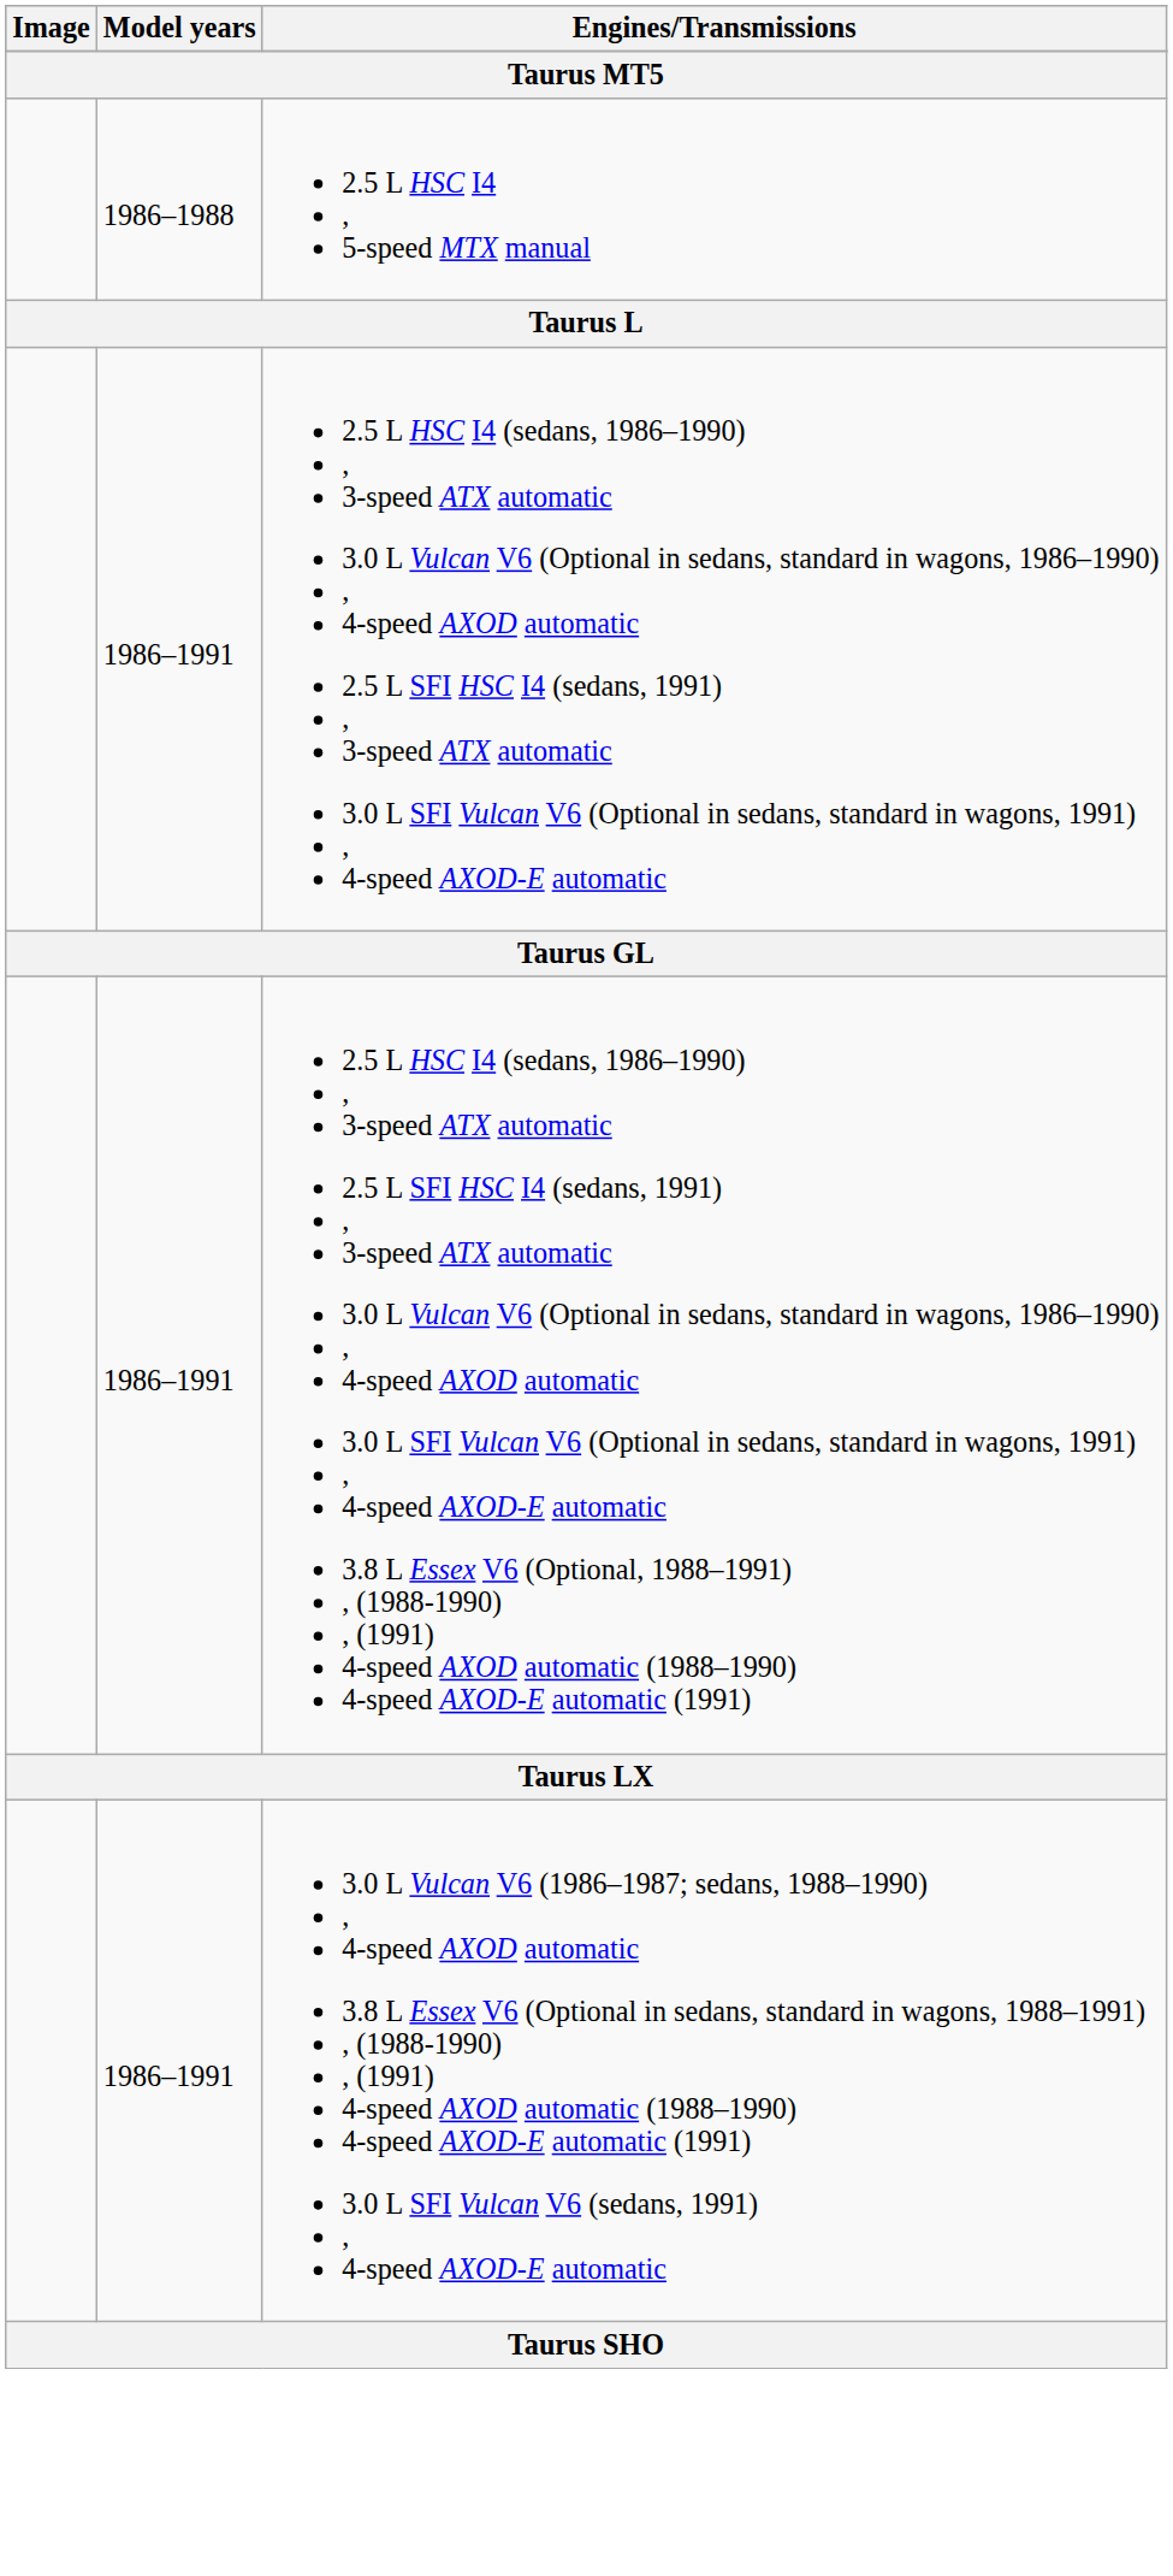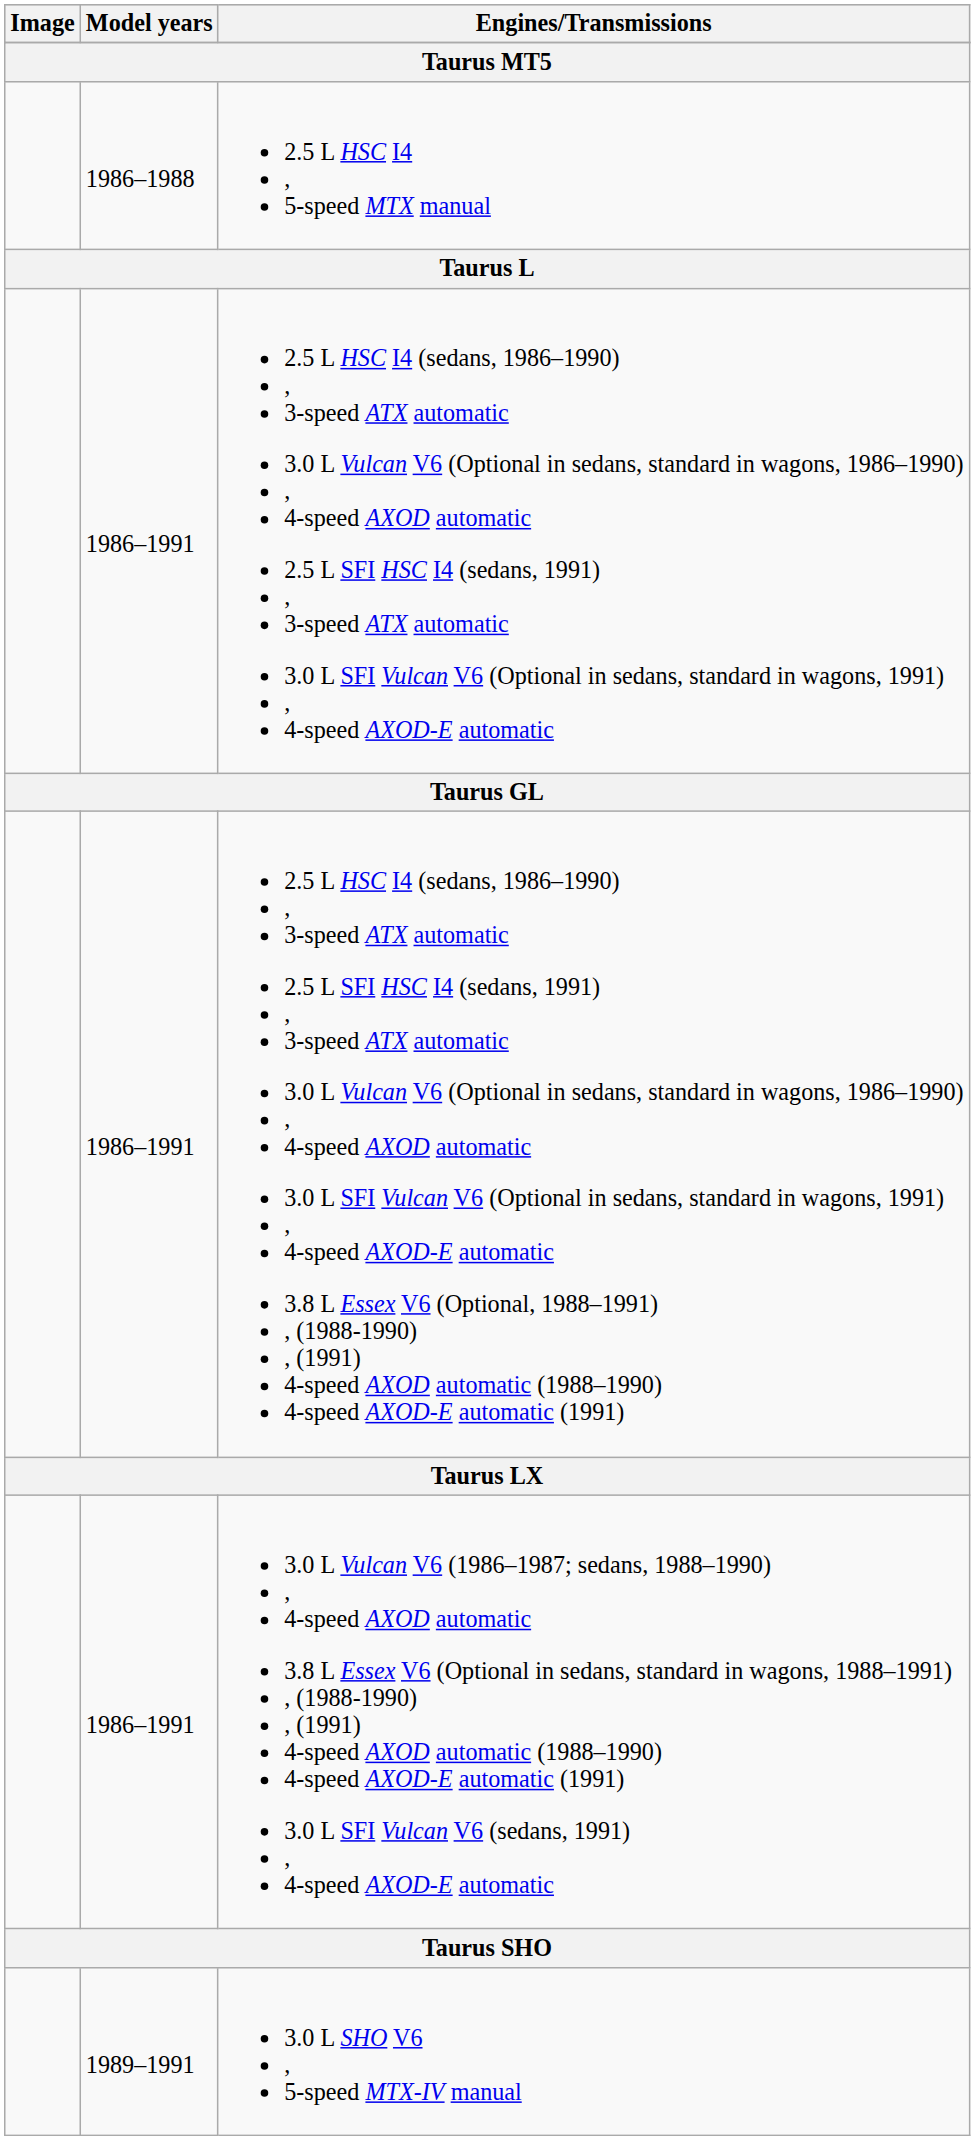 <table class="wikitable">
 <tr style="background:#CCCCCC;">
 <th>Image</th>
 <th>Model years</th>
 <th>Engines/Transmissions</th>
 </tr>
 <tr>
 </tr>
 <tr>
 <th colspan=3 style= "textalign:center">Taurus MT5</th>
 </tr>
 <tr>
 <td></td>
 <td><br>1986–1988</td>
 <td><br><ul><li>2.5 L <em><a href='#'>HSC</a></em> <a href='#'>I4</a></li><li>, </li><li>5-speed <em><a href='#'>MTX</a></em> <a href='#'>manual</a></li></ul></td>
 </tr>
 <tr>
 <th colspan=3 style= "textalign:center">Taurus L</th>
 </tr>
 <tr>
 <td></td>
 <td><br>1986–1991</td>
 <td><br><ul><li>2.5 L <em><a href='#'>HSC</a></em> <a href='#'>I4</a> (sedans, 1986–1990)</li><li>, </li><li>3-speed <em><a href='#'>ATX</a></em> <a href='#'>automatic</a></li></ul><ul><li>3.0 L <em><a href='#'>Vulcan</a></em> <a href='#'>V6</a> (Optional in sedans, standard in wagons, 1986–1990)</li><li>, </li><li>4-speed <em><a href='#'>AXOD</a></em> <a href='#'>automatic</a></li></ul><ul><li>2.5 L <a href='#'>SFI</a> <em><a href='#'>HSC</a></em> <a href='#'>I4</a> (sedans, 1991)</li><li>, </li><li>3-speed <em><a href='#'>ATX</a></em> <a href='#'>automatic</a></li></ul><ul><li>3.0 L <a href='#'>SFI</a> <em><a href='#'>Vulcan</a></em> <a href='#'>V6</a> (Optional in sedans, standard in wagons, 1991)</li><li>, </li><li>4-speed <em><a href='#'>AXOD-E</a></em> <a href='#'>automatic</a></li></ul></td>
 </tr>
 <tr>
 <th colspan=3 style= "textalign:center">Taurus GL</th>
 </tr>
 <tr>
 <td></td>
 <td><br>1986–1991</td>
 <td><br><ul><li>2.5 L <em><a href='#'>HSC</a></em> <a href='#'>I4</a> (sedans, 1986–1990)</li><li>, </li><li>3-speed <em><a href='#'>ATX</a></em> <a href='#'>automatic</a></li></ul><ul><li>2.5 L <a href='#'>SFI</a> <em><a href='#'>HSC</a></em> <a href='#'>I4</a> (sedans, 1991)</li><li>, </li><li>3-speed <em><a href='#'>ATX</a></em> <a href='#'>automatic</a></li></ul><ul><li>3.0 L <em><a href='#'>Vulcan</a></em> <a href='#'>V6</a> (Optional in sedans, standard in wagons, 1986–1990)</li><li>, </li><li>4-speed <em><a href='#'>AXOD</a></em> <a href='#'>automatic</a></li></ul><ul><li>3.0 L <a href='#'>SFI</a> <em><a href='#'>Vulcan</a></em> <a href='#'>V6</a> (Optional in sedans, standard in wagons, 1991)</li><li>, </li><li>4-speed <em><a href='#'>AXOD-E</a></em> <a href='#'>automatic</a></li></ul><ul><li>3.8 L <em><a href='#'>Essex</a></em> <a href='#'>V6</a> (Optional, 1988–1991)</li><li>,  (1988-1990)</li><li>,  (1991)</li><li>4-speed <em><a href='#'>AXOD</a></em> <a href='#'>automatic</a> (1988–1990)</li><li>4-speed <em><a href='#'>AXOD-E</a></em> <a href='#'>automatic</a> (1991)</li></ul></td>
 </tr>
 <tr>
 <th colspan=3 style= "textalign:center">Taurus LX</th>
 </tr>
 <tr>
 <td></td>
 <td><br>1986–1991</td>
 <td><br><ul><li>3.0 L <em><a href='#'>Vulcan</a></em> <a href='#'>V6</a> (1986–1987; sedans, 1988–1990)</li><li>, </li><li>4-speed <em><a href='#'>AXOD</a></em> <a href='#'>automatic</a></li></ul><ul><li>3.8 L <em><a href='#'>Essex</a></em> <a href='#'>V6</a> (Optional in sedans, standard in wagons, 1988–1991)</li><li>,  (1988-1990)</li><li>,  (1991)</li><li>4-speed <em><a href='#'>AXOD</a></em> <a href='#'>automatic</a> (1988–1990)</li><li>4-speed <em><a href='#'>AXOD-E</a></em> <a href='#'>automatic</a> (1991)</li></ul><ul><li>3.0 L <a href='#'>SFI</a> <em><a href='#'>Vulcan</a></em> <a href='#'>V6</a> (sedans, 1991)</li><li>, </li><li>4-speed <em><a href='#'>AXOD-E</a></em> <a href='#'>automatic</a></li></ul></td>
 </tr>
 <tr>
 <th colspan=3 style= "textalign:center">Taurus SHO</th>
 </tr>
+<tr>
+<td></td>
+<td><br>1989–1991</td>
+<td><br><ul><li>3.0 L <em><a href='#'>SHO</a></em> <a href='#'>V6</a></li><li>, </li><li>5-speed <em><a href='#'>MTX-IV</a></em> <a href='#'>manual</a></li></ul></td>
+</tr>
 </table>
